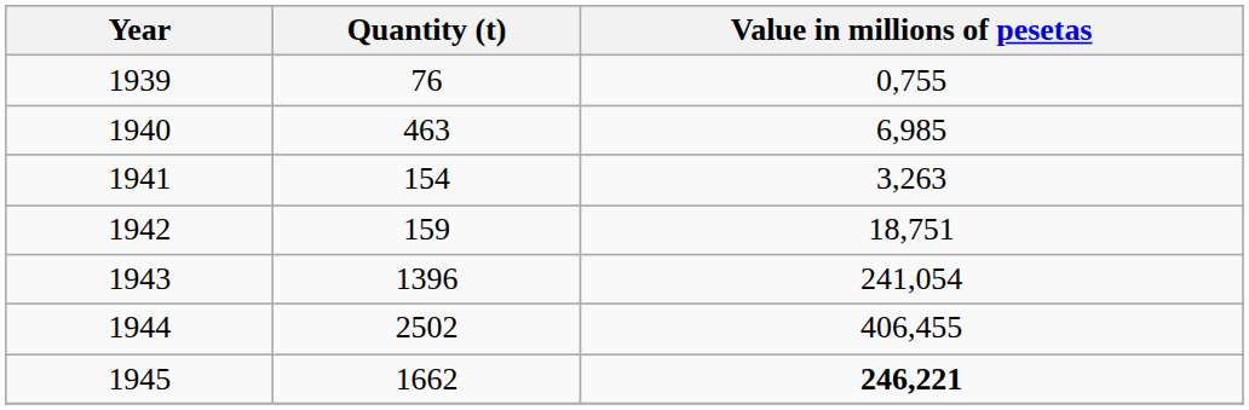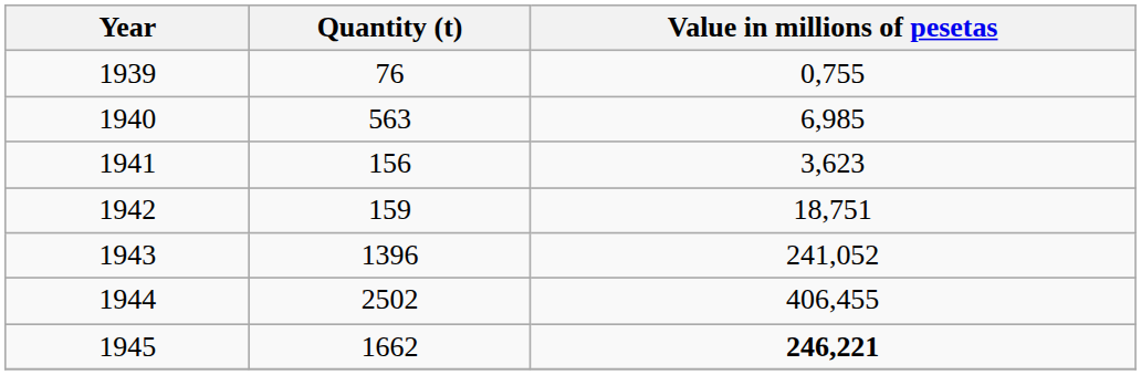 <table class="wikitable" style="width:50%; align: center; background: #f9f9f9; border: 1px solid #aaaaaa; border-collapse: collapse; white-space: nowrap; text-align: center">
 <tr>
 <th width = 70>Year</th>
 <th width = 80>Quantity (t)</th>
 <th width = 80>Value in millions of <a href='#'>pesetas</a></th>
 </tr>
 <tr>
 <td>1939</td>
 <td>76</td>
 <td>0,755</td>
 </tr>
 <tr>
 <td>1940</td>
-<td>463</td>
+<td>563</td>
 <td>6,985</td>
 </tr>
 <tr>
 <td>1941</td>
-<td>154</td>
-<td>3,263</td>
+<td>156</td>
+<td>3,623</td>
 </tr>
 <tr>
 <td>1942</td>
 <td>159</td>
 <td>18,751</td>
 </tr>
 <tr>
 <td>1943</td>
 <td>1396</td>
-<td>241,054</td>
+<td>241,052</td>
 </tr>
 <tr>
 <td>1944</td>
 <td>2502</td>
 <td>406,455</td>
 </tr>
 <tr>
 <td>1945</td>
 <td>1662</td>
 <td><strong>246,221</strong></td>
 </tr>
 <tr>
 </tr>
 </table>
